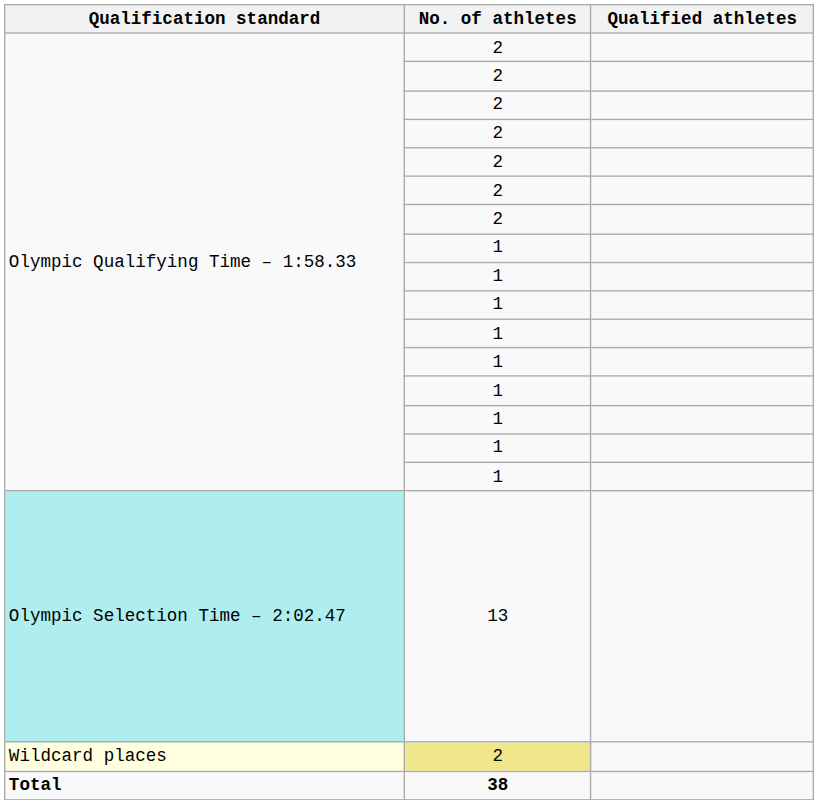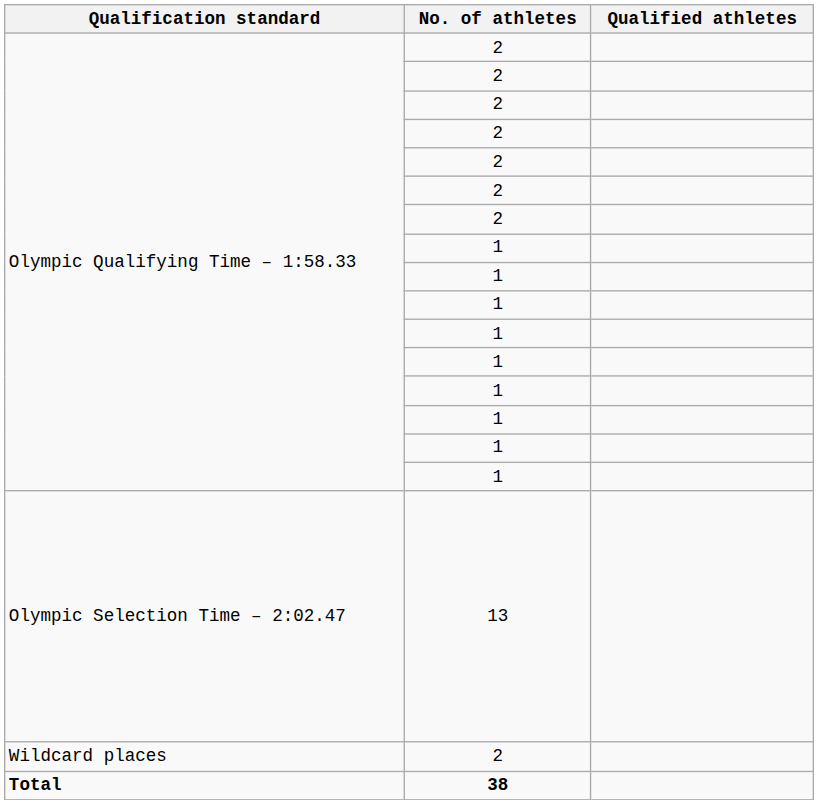 <table class=wikitable style="text-align:left" width=600>
 <tr>
 <th>Qualification standard</th>
 <th>No. of athletes</th>
 <th>Qualified athletes</th>
 </tr>
 <tr>
 <td rowspan="16">Olympic Qualifying Time – 1:58.33</td>
 <td align=center>2</td>
 <td><br></td>
 </tr>
 <tr>
 <td align=center>2</td>
 <td> <br></td>
 </tr>
 <tr>
 <td align=center>2</td>
 <td><br></td>
 </tr>
 <tr>
 <td align=center>2</td>
 <td><br></td>
 </tr>
 <tr>
 <td align=center>2</td>
 <td><br></td>
 </tr>
 <tr>
 <td align=center>2</td>
 <td><br></td>
 </tr>
 <tr>
 <td align=center>2</td>
 <td><br></td>
 </tr>
 <tr>
 <td align=center>1</td>
 <td></td>
 </tr>
 <tr>
 <td align=center>1</td>
 <td></td>
 </tr>
 <tr>
 <td align=center>1</td>
 <td></td>
 </tr>
 <tr>
 <td align=center>1</td>
 <td></td>
 </tr>
 <tr>
 <td align=center>1</td>
 <td></td>
 </tr>
 <tr>
 <td align=center>1</td>
 <td></td>
 </tr>
 <tr>
 <td align=center>1</td>
 <td></td>
 </tr>
 <tr>
 <td align=center>1</td>
 <td></td>
 </tr>
 <tr>
 <td align=center>1</td>
 <td></td>
 </tr>
 <tr>
-<td rowspan="1" style="background: paleturquoise;">Olympic Selection Time – 2:02.47</td>
+<td rowspan="1">Olympic Selection Time – 2:02.47</td>
 <td align=center>13</td>
 <td>  <br> <br>  <br> <br> <br> <br>  <br>  <br>  <br>  <br> <br>  <br> </td>
 </tr>
 <tr>
-<td rowspan="1" style="background: lightyellow;">Wildcard places</td>
-<td align=center style="background: khaki;">2</td>
+<td rowspan="1">Wildcard places</td>
+<td align=center>2</td>
 <td><br></td>
 </tr>
 <tr>
 <td><strong>Total</strong></td>
 <td align=center><strong>38</strong></td>
 <td></td>
 </tr>
 </table>
